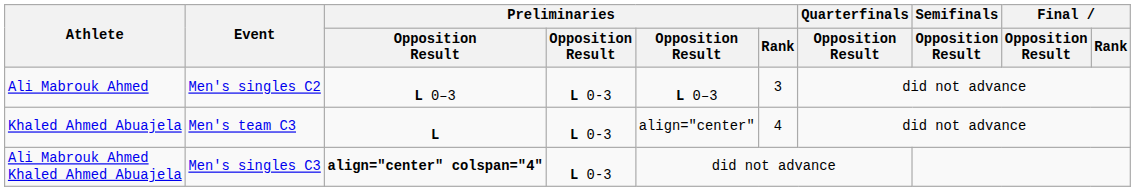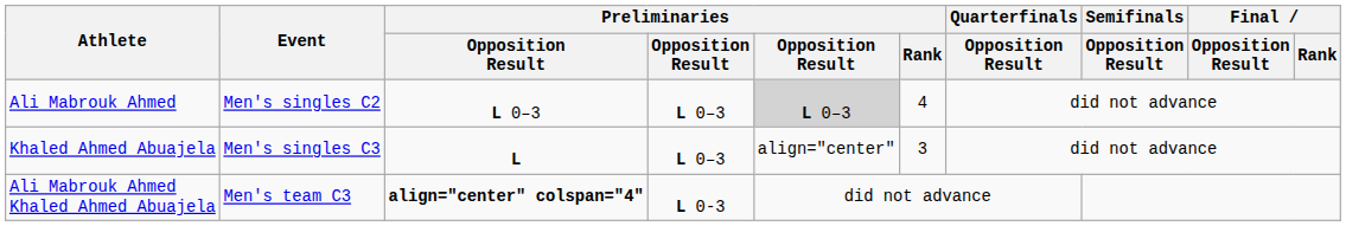 <table class=wikitable style="font-size:90%">
 <tr>
 <th rowspan="2">Athlete</th>
 <th rowspan="2">Event</th>
 <th colspan="4">Preliminaries</th>
 <th>Quarterfinals</th>
 <th>Semifinals</th>
 <th colspan="2">Final / </th>
 </tr>
 <tr>
 <th>Opposition<br>Result</th>
 <th>Opposition<br>Result</th>
 <th>Opposition<br>Result</th>
 <th>Rank</th>
 <th>Opposition<br>Result</th>
 <th>Opposition<br>Result</th>
 <th>Opposition<br>Result</th>
 <th>Rank</th>
 </tr>
 <tr>
 <td><a href='#'>Ali Mabrouk Ahmed</a></td>
 <td><a href='#'>Men's singles C2</a></td>
 <td align="center"><br><strong>L</strong> 0–3</td>
-<td align="center"><br><strong>L</strong> 0-3</td>
 <td align="center"><br><strong>L</strong> 0–3</td>
+<td align="center" style="background: lightgrey;"><br><strong>L</strong> 0–3</td>
+<td align="center">4</td>
+<td align="center" colspan="4">did not advance</td>
+</tr>
+<tr>
+<td><a href='#'>Khaled Ahmed Abuajela</a></td>
+<td><a href='#'>Men's singles C3</a></td>
+<td align="center"><br><strong>L</strong> </td>
+<td align="center"><br><strong>L</strong> 0–3</td>
+<td>align="center" </td>
 <td align="center">3</td>
 <td align="center" colspan="4">did not advance</td>
 </tr>
 <tr>
-<td><a href='#'>Khaled Ahmed Abuajela</a></td>
+<td><a href='#'>Ali Mabrouk Ahmed</a><br> <a href='#'>Khaled Ahmed Abuajela</a></td>
 <td><a href='#'>Men's team C3</a></td>
-<td align="center"><br><strong>L</strong> </td>
-<td align="center"><br><strong>L</strong> 0-3</td>
-<td>align="center" </td>
-<td align="center">4</td>
-<td align="center" colspan="4">did not advance</td>
-</tr>
-<tr>
-<td><a href='#'>Ali Mabrouk Ahmed</a><br> <a href='#'>Khaled Ahmed Abuajela</a></td>
-<td><a href='#'>Men's singles C3</a></td>
 <td><strong>align="center" colspan="4" </strong></td>
 <td align="center"><br><strong>L</strong> 0-3</td>
 <td align="center" colspan="3">did not advance</td>
 </tr>
 </table>
